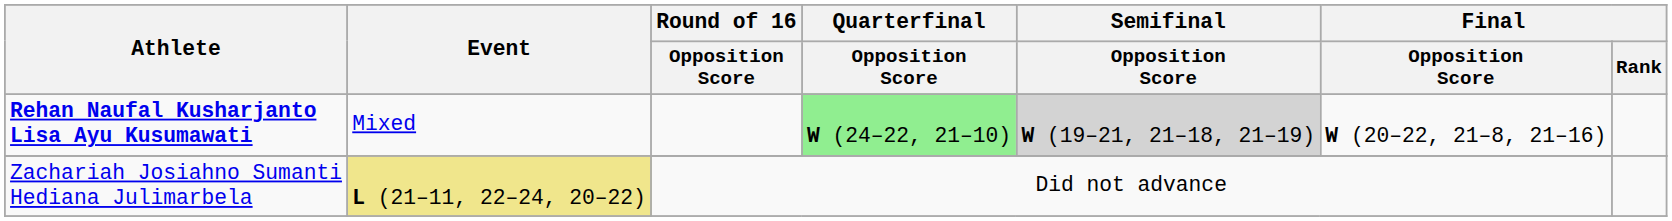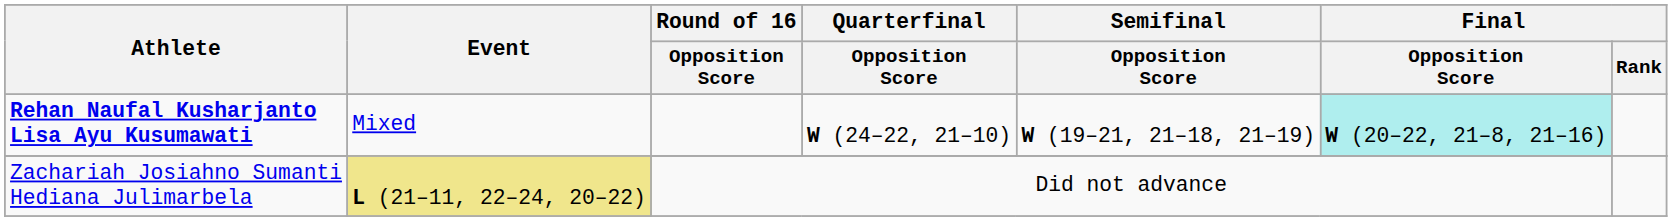 <table class="wikitable" style="font-size:90%">
 <tr>
 <th rowspan="2">Athlete</th>
 <th rowspan="2">Event</th>
 <th>Round of 16</th>
 <th>Quarterfinal</th>
 <th>Semifinal</th>
 <th colspan=2>Final</th>
 </tr>
 <tr style="font-size:90%", align="center">
 <th>Opposition<br>Score</th>
 <th>Opposition<br>Score</th>
 <th>Opposition<br>Score</th>
 <th>Opposition<br>Score</th>
 <th>Rank</th>
 </tr>
 <tr align="center">
 <td align="left"><strong><a href='#'>Rehan Naufal Kusharjanto</a><br><a href='#'>Lisa Ayu Kusumawati</a></strong></td>
 <td align="left" rowspan=2><a href='#'>Mixed</a></td>
 <td></td>
-<td style="background: lightgreen;"><br> <strong>W</strong> (24–22, 21–10)</td>
-<td style="background: lightgrey;"><br><strong>W</strong> (19–21, 21–18, 21–19)</td>
-<td><br><strong>W</strong> (20–22, 21–8, 21–16)</td>
+<td><br> <strong>W</strong> (24–22, 21–10)</td>
+<td><br><strong>W</strong> (19–21, 21–18, 21–19)</td>
+<td style="background: paleturquoise;"><br><strong>W</strong> (20–22, 21–8, 21–16)</td>
 <td></td>
 </tr>
 <tr>
 </tr>
 <tr align="center">
 <td align="left"><a href='#'>Zachariah Josiahno Sumanti</a><br><a href='#'>Hediana Julimarbela</a></td>
 <td style="background: khaki;"><br> <strong>L</strong> (21–11, 22–24, 20–22)</td>
 <td colspan="4">Did not advance</td>
 </tr>
 </table>
